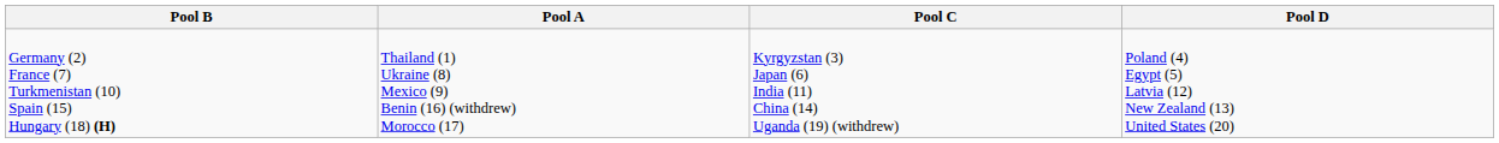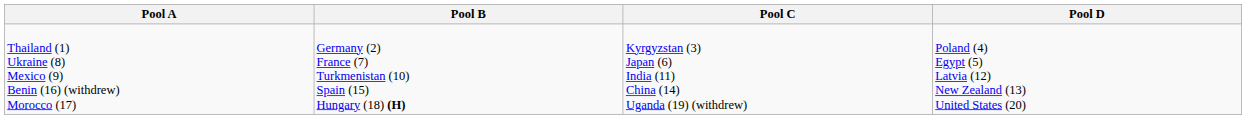 <table class="wikitable" width=80%>
 <tr>
+<th width=25%><strong>Pool A</strong></th>
 <th width=25%><strong>Pool B</strong></th>
-<th width=25%><strong>Pool A</strong></th>
 <th width=25%><strong>Pool C</strong></th>
 <th width=25%><strong>Pool D</strong></th>
 </tr>
 <tr>
+<td><br> <a href='#'>Thailand</a> (1) <br>  <a href='#'>Ukraine</a> (8) <br>  <a href='#'>Mexico</a> (9)<br>   <a href='#'>Benin</a> (16) (withdrew) <br>   <a href='#'>Morocco</a> (17) <br></td>
 <td><br> <a href='#'>Germany</a> (2) <br>  <a href='#'>France</a> (7)<br>   <a href='#'>Turkmenistan</a> (10)<br>   <a href='#'>Spain</a> (15)<br>  <a href='#'>Hungary</a> (18) <strong>(H)</strong> <br></td>
-<td><br> <a href='#'>Thailand</a> (1) <br>  <a href='#'>Ukraine</a> (8) <br>  <a href='#'>Mexico</a> (9)<br>   <a href='#'>Benin</a> (16) (withdrew) <br>   <a href='#'>Morocco</a> (17) <br></td>
 <td><br> <a href='#'>Kyrgyzstan</a> (3) <br>    <a href='#'>Japan</a> (6) <br>  <a href='#'>India</a> (11)  <br>   <a href='#'>China</a> (14)  <br>  <a href='#'>Uganda</a> (19) (withdrew) <br></td>
 <td><br> <a href='#'>Poland</a> (4) <br>  <a href='#'>Egypt</a> (5) <br>  <a href='#'>Latvia</a> (12) <br>  <a href='#'>New Zealand</a> (13) <br>  <a href='#'>United States</a> (20) <br></td>
 </tr>
 </table>
